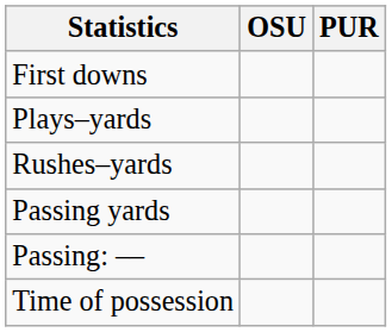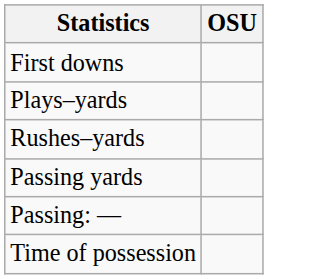 <table class="wikitable" style="float:left">
 <tr>
 <th>Statistics</th>
 <th>OSU</th>
-<th>PUR</th>
 </tr>
 <tr>
 <td>First downs</td>
-<td></td>
 <td></td>
 </tr>
 <tr>
 <td>Plays–yards</td>
 <td></td>
-<td></td>
 </tr>
 <tr>
 <td>Rushes–yards</td>
-<td></td>
 <td></td>
 </tr>
 <tr>
 <td>Passing yards</td>
 <td></td>
-<td></td>
 </tr>
 <tr>
 <td>Passing: ––</td>
-<td></td>
 <td></td>
 </tr>
 <tr>
 <td>Time of possession</td>
 <td></td>
-<td></td>
 </tr>
 </table>
